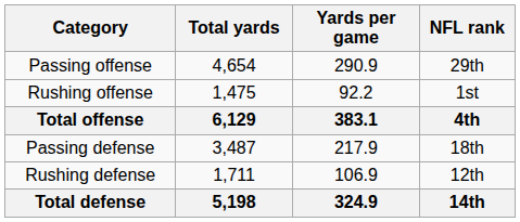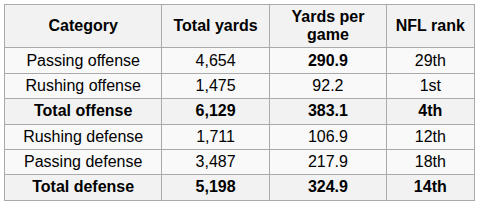 <table class="wikitable" style="text-align:center">
 <tr>
 <th width="150">Category</th>
 <th width="100">Total yards</th>
 <th width="110">Yards per game</th>
 <th width="80">NFL rank<br></th>
 </tr>
 <tr>
 <td>Passing offense</td>
 <td>4,654</td>
-<td>290.9</td>
+<td><strong>290.9</strong></td>
 <td>29th</td>
 </tr>
 <tr>
 <td>Rushing offense</td>
 <td>1,475</td>
 <td>92.2</td>
 <td>1st</td>
 </tr>
 <tr>
 <th>Total offense</th>
 <th>6,129</th>
 <th>383.1</th>
 <th>4th</th>
 </tr>
 <tr>
+<td>Rushing defense</td>
+<td>1,711</td>
+<td>106.9</td>
+<td>12th</td>
+</tr>
+<tr>
 <td>Passing defense</td>
 <td>3,487</td>
 <td>217.9</td>
 <td>18th</td>
-</tr>
-<tr>
-<td>Rushing defense</td>
-<td>1,711</td>
-<td>106.9</td>
-<td>12th</td>
 </tr>
 <tr>
 <th>Total defense</th>
 <th>5,198</th>
 <th>324.9</th>
 <th>14th</th>
 </tr>
 </table>
